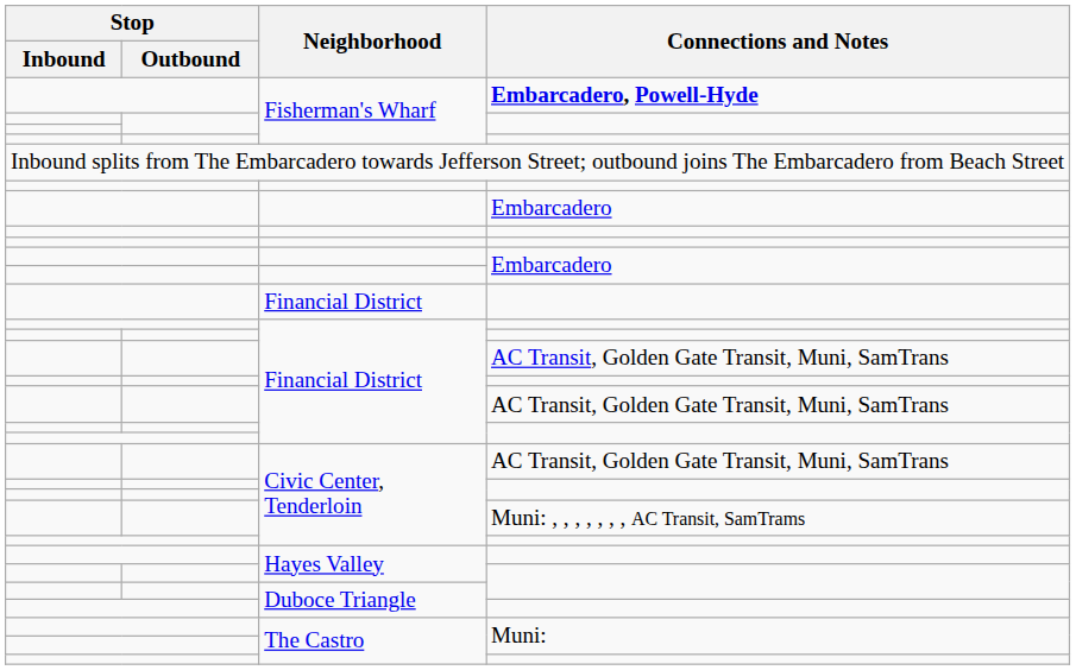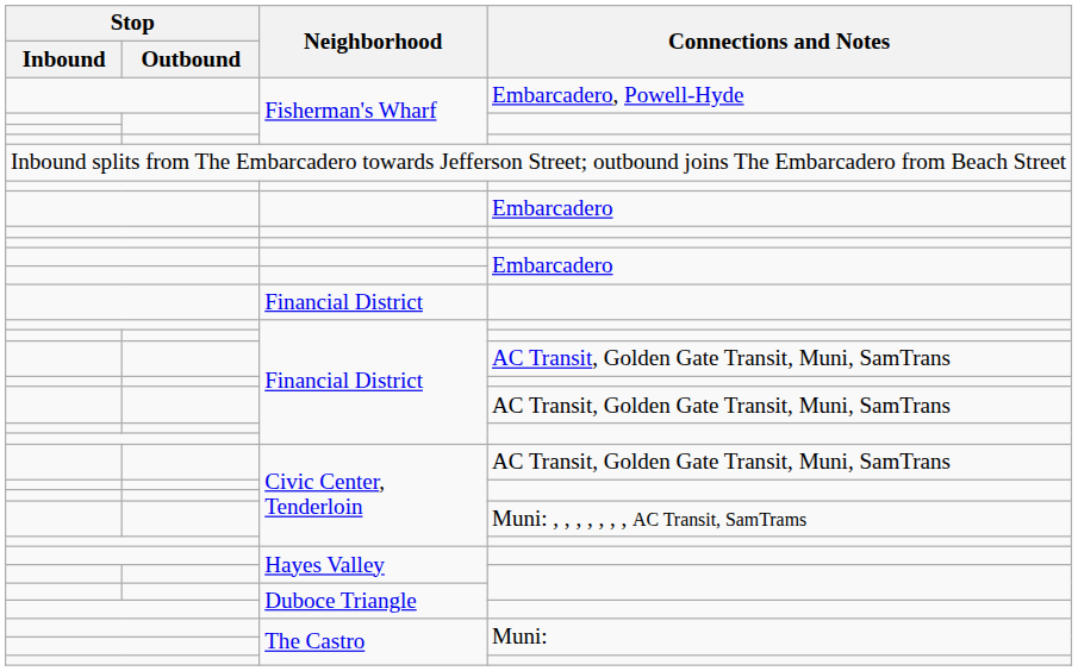 <table class="wikitable">
 <tr>
 <th colspan="2">Stop</th>
 <th rowspan="2">Neighborhood</th>
 <th rowspan="2">Connections and Notes</th>
 </tr>
 <tr>
 <th>Inbound</th>
 <th>Outbound</th>
 </tr>
 <tr>
 <td colspan="2"> </td>
 <td rowspan="4"><a href='#'>Fisherman's Wharf</a></td>
-<td><strong>  <a href='#'>Embarcadero</a>,  <a href='#'>Powell-Hyde</a></strong></td>
+<td>  <a href='#'>Embarcadero</a>,  <a href='#'>Powell-Hyde</a></td>
 </tr>
 <tr>
 <td> </td>
 <td rowspan="2"> </td>
 <td rowspan="2"></td>
 </tr>
 <tr>
 <td> </td>
 </tr>
 <tr>
 <td> </td>
 <td> </td>
 <td></td>
 </tr>
 <tr>
 <td colspan="4" style="text-align:center;">Inbound splits from The Embarcadero towards Jefferson Street; outbound joins The Embarcadero from Beach Street</td>
 </tr>
 <tr>
 <td colspan="2"> </td>
 <td></td>
 <td></td>
 </tr>
 <tr>
 <td colspan="2"> </td>
 <td></td>
 <td>  <a href='#'>Embarcadero</a></td>
 </tr>
 <tr>
 <td colspan="2"> </td>
 <td></td>
 <td></td>
 </tr>
 <tr>
 <td colspan="2"> </td>
 <td></td>
 <td></td>
 </tr>
 <tr>
 <td colspan="2"> </td>
 <td></td>
 <td rowspan="2">  <a href='#'>Embarcadero</a></td>
 </tr>
 <tr>
 <td colspan="2"> </td>
 <td></td>
 </tr>
 <tr>
 <td colspan="2"> </td>
 <td><a href='#'>Financial District</a></td>
 <td></td>
 </tr>
 <tr>
 <td colspan="2"> </td>
 <td rowspan="7"><a href='#'>Financial District</a></td>
 <td></td>
 </tr>
 <tr>
 <td> </td>
 <td> </td>
 <td></td>
 </tr>
 <tr>
 <td> </td>
 <td></td>
 <td> <a href='#'>AC Transit</a>, Golden Gate Transit, Muni, SamTrans</td>
 </tr>
 <tr>
 <td></td>
 <td></td>
 <td></td>
 </tr>
 <tr>
 <td> </td>
 <td> </td>
 <td> AC Transit, Golden Gate Transit, Muni, SamTrans</td>
 </tr>
 <tr>
 <td></td>
 <td></td>
 <td rowspan="2"></td>
 </tr>
 <tr>
 <td colspan="2"> </td>
 </tr>
 <tr>
 <td></td>
 <td></td>
 <td rowspan="5"><a href='#'>Civic Center</a>,<br><a href='#'>Tenderloin</a></td>
 <td> AC Transit, Golden Gate Transit, Muni, SamTrans</td>
 </tr>
 <tr>
 <td> </td>
 <td></td>
 <td rowspan="2"></td>
 </tr>
 <tr>
 <td></td>
 <td> </td>
 </tr>
 <tr>
 <td></td>
 <td></td>
 <td> Muni: , , , , , , , <small>AC Transit, SamTrams</small></td>
 </tr>
 <tr>
 <td colspan="2"> </td>
 <td></td>
 </tr>
 <tr>
 <td colspan="2"> </td>
 <td rowspan="2"><a href='#'>Hayes Valley</a></td>
 <td></td>
 </tr>
 <tr>
 <td> </td>
 <td> </td>
 </tr>
 <tr>
 <td> </td>
 <td> </td>
 <td rowspan="2"><a href='#'>Duboce Triangle</a></td>
 </tr>
 <tr>
 <td colspan="2"> </td>
 <td></td>
 </tr>
 <tr>
 <td colspan="2"> </td>
 <td rowspan="3"><a href='#'>The Castro</a></td>
 <td rowspan="2"> Muni: </td>
 </tr>
 <tr>
 <td colspan="2"> </td>
 </tr>
 <tr>
 <td colspan="2"> </td>
 <td></td>
 </tr>
 </table>
